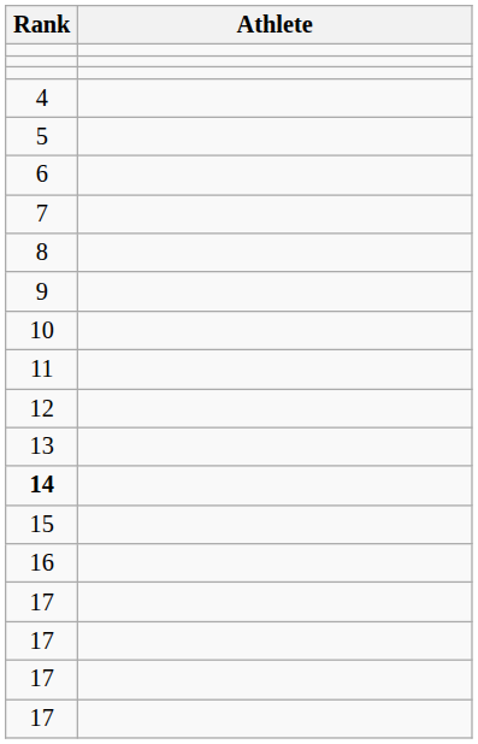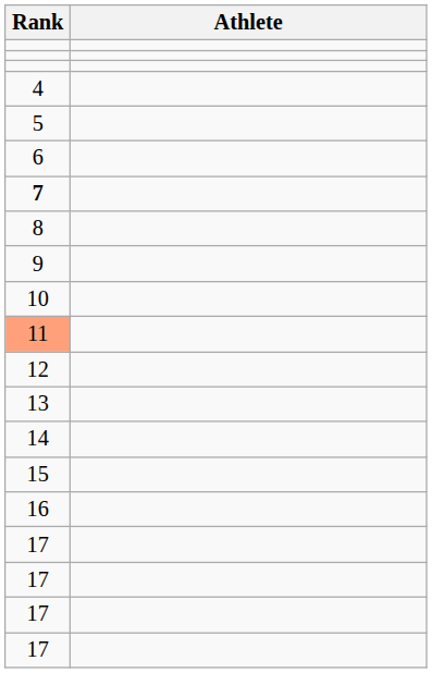 <table class="wikitable" style="text-align: center;">
 <tr>
 <th width=40>Rank</th>
 <th width=250>Athlete</th>
 </tr>
 <tr>
 <td></td>
 <td align="left"></td>
 </tr>
 <tr>
 <td></td>
 <td align="left"></td>
 </tr>
 <tr>
 <td></td>
 <td align="left"></td>
 </tr>
 <tr>
 <td>4</td>
 <td align="left"></td>
 </tr>
 <tr>
 <td>5</td>
 <td align="left"></td>
 </tr>
 <tr>
 <td>6</td>
 <td align="left"></td>
 </tr>
 <tr>
-<td>7</td>
+<td><strong>7</strong></td>
 <td align="left"></td>
 </tr>
 <tr>
 <td>8</td>
 <td align="left"></td>
 </tr>
 <tr>
 <td>9</td>
 <td align="left"></td>
 </tr>
 <tr>
 <td>10</td>
 <td align="left"></td>
 </tr>
 <tr>
-<td>11</td>
+<td style="background: lightsalmon;">11</td>
 <td align="left"></td>
 </tr>
 <tr>
 <td>12</td>
 <td align="left"></td>
 </tr>
 <tr>
 <td>13</td>
 <td align="left"></td>
 </tr>
 <tr>
-<td><strong>14</strong></td>
+<td>14</td>
 <td align="left"></td>
 </tr>
 <tr>
 <td>15</td>
 <td align="left"></td>
 </tr>
 <tr>
 <td>16</td>
 <td align="left"></td>
 </tr>
 <tr>
 <td>17</td>
 <td align="left"></td>
 </tr>
 <tr>
 <td>17</td>
 <td align="left"></td>
 </tr>
 <tr>
 <td>17</td>
 <td align="left"></td>
 </tr>
 <tr>
 <td>17</td>
 <td align="left"></td>
 </tr>
 </table>
